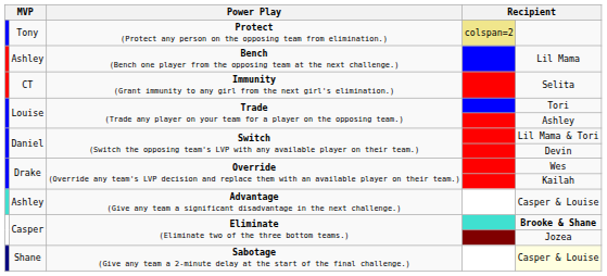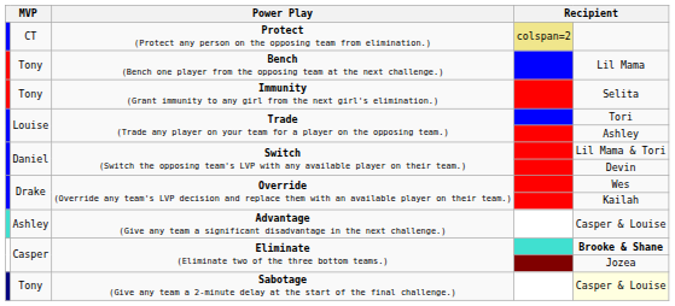 <table class="wikitable" style="text-align:center; font-size:90%">
 <tr>
 <th colspan=2>MVP</th>
 <th>Power Play</th>
 <th colspan=2>Recipient</th>
 </tr>
 <tr>
 <td bgcolor="blue"></td>
-<td>Tony</td>
+<td>CT</td>
 <td><strong>Protect</strong><br><small>(Protect any person on the opposing team from elimination.)</small></td>
 <td style="background: khaki;">colspan=2 </td>
 </tr>
 <tr>
 <td bgcolor="red"></td>
-<td>Ashley</td>
+<td>Tony</td>
 <td><strong>Bench</strong><br><small>(Bench one player from the opposing team at the next challenge.)</small></td>
 <td bgcolor="blue"></td>
 <td>Lil Mama</td>
 </tr>
 <tr>
 <td bgcolor="red"></td>
-<td>CT</td>
+<td>Tony</td>
 <td><strong>Immunity</strong><br><small>(Grant immunity to any girl from the next girl's elimination.)</small></td>
 <td bgcolor="red"></td>
 <td>Selita</td>
 </tr>
 <tr>
 <td bgcolor="blue" rowspan=2></td>
 <td rowspan=2>Louise</td>
 <td rowspan=2><strong>Trade</strong><br><small>(Trade any player on your team for a player on the opposing team.)</small></td>
 <td bgcolor="blue"></td>
 <td>Tori</td>
 </tr>
 <tr>
 <td bgcolor="red"></td>
 <td>Ashley</td>
 </tr>
 <tr>
 <td bgcolor="blue" rowspan=2></td>
 <td rowspan=2>Daniel</td>
 <td rowspan=2><strong>Switch</strong><br><small>(Switch the opposing team's LVP with any available player on their team.)</small></td>
 <td bgcolor="red"></td>
 <td>Lil Mama & Tori</td>
 </tr>
 <tr>
 <td bgcolor="red"></td>
 <td>Devin</td>
 </tr>
 <tr>
 <td bgcolor="blue" rowspan=2></td>
 <td rowspan=2>Drake</td>
 <td rowspan=2><strong>Override</strong><br><small>(Override any team's LVP decision and replace them with an available player on their team.)</small></td>
 <td bgcolor="red"></td>
 <td>Wes</td>
 </tr>
 <tr>
 <td bgcolor="red"></td>
 <td>Kailah</td>
 </tr>
 <tr>
 <td bgcolor="turquoise"></td>
 <td>Ashley</td>
 <td><strong>Advantage</strong><br><small>(Give any team a significant disadvantage in the next challenge.)</small></td>
 <td bgcolor="white"></td>
 <td>Casper & Louise</td>
 </tr>
 <tr>
 <td bgcolor="white" rowspan=2></td>
 <td rowspan=2>Casper</td>
 <td rowspan=2><strong>Eliminate</strong><br><small>(Eliminate two of the three bottom teams.)</small></td>
 <td bgcolor="turquoise"></td>
 <td><strong>Brooke & Shane</strong></td>
 </tr>
 <tr>
 <td bgcolor="maroon"></td>
 <td>Jozea</td>
 </tr>
 <tr>
 <td bgcolor="navy"></td>
-<td>Shane</td>
+<td>Tony</td>
 <td><strong>Sabotage</strong><br><small>(Give any team a 2-minute delay at the start of the final challenge.)</small></td>
 <td bgcolor="white"></td>
 <td style="background: lightyellow;">Casper & Louise</td>
 </tr>
 </table>
